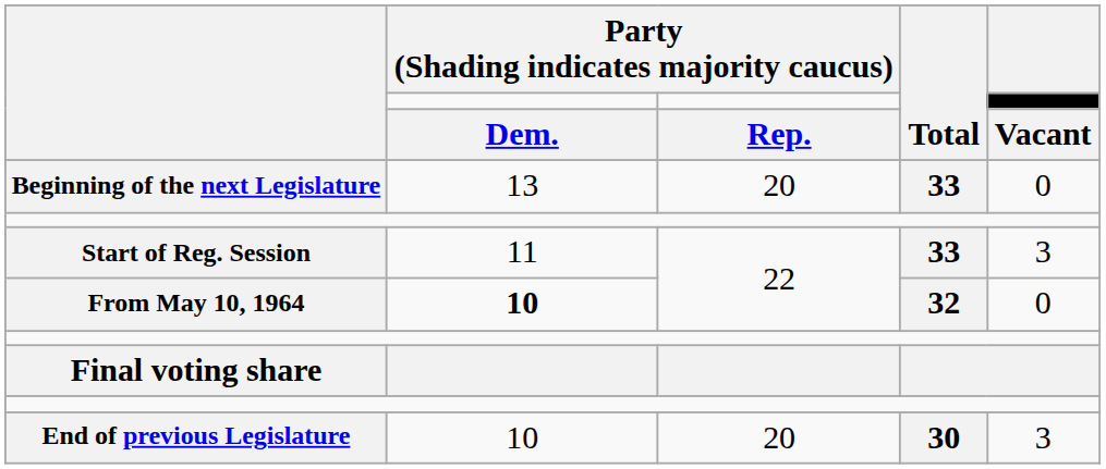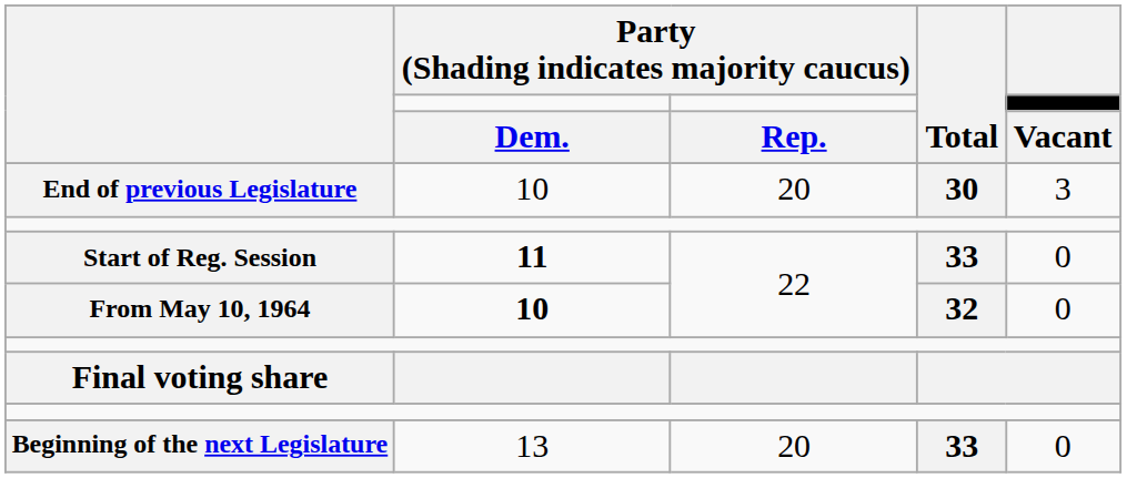 <table class=wikitable style="text-align:center">
 <tr style="vertical-align:bottom;">
 <th rowspan=3></th>
 <th colspan=2>Party <div>(Shading indicates majority caucus)</div></th>
 <th rowspan=3>Total</th>
 <th></th>
 </tr>
 <tr style="height:5px">
 <td style="background-color:"></td>
 <td style="background-color:"></td>
 <td style="background:black;"></td>
 </tr>
 <tr>
 <th><a href='#'>Dem.</a></th>
 <th><a href='#'>Rep.</a></th>
 <th>Vacant</th>
 </tr>
 <tr>
-<th style="font-size:80%;">Beginning of the <a href='#'>next Legislature</a></th>
-<td>13</td>
+<th style="font-size:80%;">End of <a href='#'>previous Legislature</a></th>
+<td>10</td>
 <td>20</td>
-<th>33</th>
-<td>0</td>
+<th>30</th>
+<td>3</td>
 </tr>
 <tr>
 <td colspan=5></td>
 </tr>
 <tr>
 <th style="font-size:80%;">Start of Reg. Session</th>
-<td>11</td>
+<td><strong>11</strong></td>
 <td rowspan="2" >22</td>
 <th>33</th>
-<td>3</td>
+<td>0</td>
 </tr>
 <tr>
 <th style="font-size:80%;">From May 10, 1964</th>
 <td><strong>10</strong></td>
 <th>32</th>
 <td>0</td>
 </tr>
 <tr>
 <td colspan=5></td>
 </tr>
 <tr>
 <th>Final voting share</th>
 <th></th>
 <th></th>
 <th colspan=2></th>
 </tr>
 <tr>
 <td colspan=5></td>
 </tr>
 <tr>
-<th style="font-size:80%;">End of <a href='#'>previous Legislature</a></th>
-<td>10</td>
+<th style="font-size:80%;">Beginning of the <a href='#'>next Legislature</a></th>
+<td>13</td>
 <td>20</td>
-<th>30</th>
-<td>3</td>
+<th>33</th>
+<td>0</td>
 </tr>
 </table>
